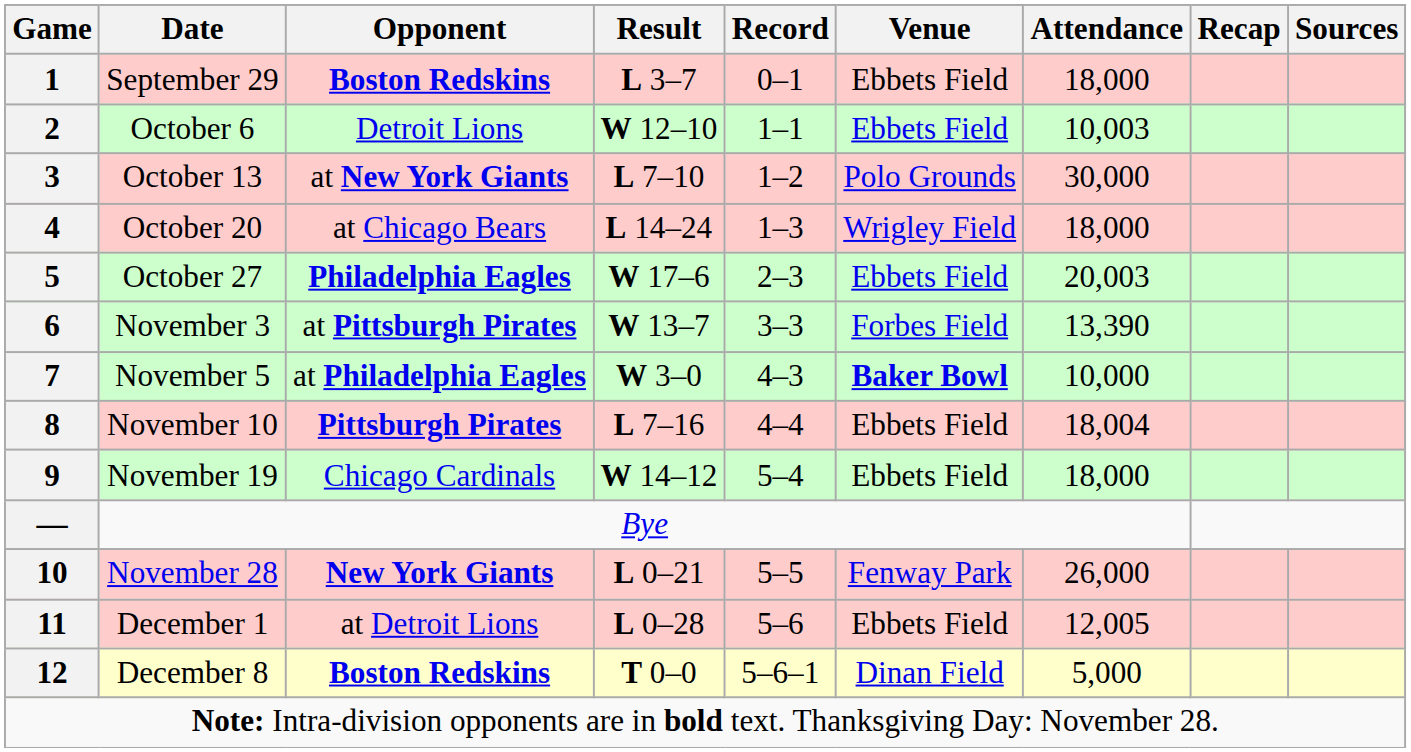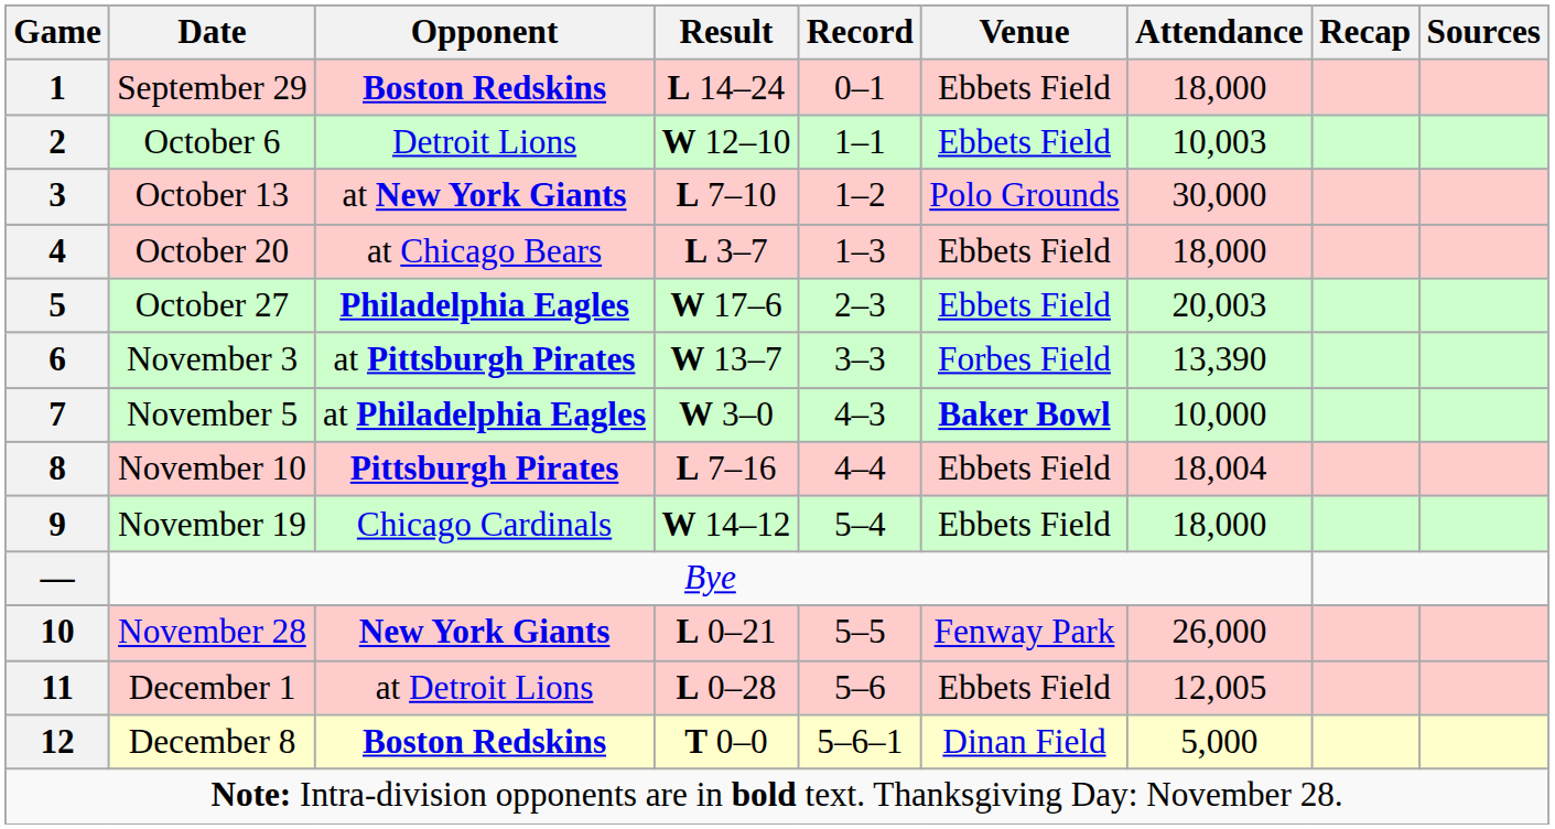 <table class="wikitable" style="text-align:center">
 <tr>
 <th>Game</th>
 <th>Date</th>
 <th>Opponent</th>
 <th>Result</th>
 <th>Record</th>
 <th>Venue</th>
 <th>Attendance</th>
 <th>Recap</th>
 <th>Sources</th>
 </tr>
 <tr style="background:#fcc">
 <th>1</th>
 <td>September 29</td>
 <td><strong><a href='#'>Boston Redskins</a></strong></td>
-<td><strong>L</strong> 3–7</td>
+<td><strong>L</strong> 14–24</td>
 <td>0–1</td>
 <td>Ebbets Field</td>
 <td>18,000</td>
 <td></td>
 <td></td>
 </tr>
 <tr style="background:#cfc">
 <th>2</th>
 <td>October 6</td>
 <td><a href='#'>Detroit Lions</a></td>
 <td><strong>W</strong> 12–10</td>
 <td>1–1</td>
 <td><a href='#'>Ebbets Field</a></td>
 <td>10,003</td>
 <td></td>
 <td></td>
 </tr>
 <tr style="background:#fcc">
 <th>3</th>
 <td>October 13</td>
 <td>at <strong><a href='#'>New York Giants</a></strong></td>
 <td><strong>L</strong> 7–10</td>
 <td>1–2</td>
 <td><a href='#'>Polo Grounds</a></td>
 <td>30,000</td>
 <td></td>
 <td></td>
 </tr>
 <tr style="background:#fcc">
 <th>4</th>
 <td>October 20</td>
 <td>at <a href='#'>Chicago Bears</a></td>
-<td><strong>L</strong> 14–24</td>
+<td><strong>L</strong> 3–7</td>
 <td>1–3</td>
-<td><a href='#'>Wrigley Field</a></td>
+<td>Ebbets Field</td>
 <td>18,000</td>
 <td></td>
 <td></td>
 </tr>
 <tr style="background:#cfc">
 <th>5</th>
 <td>October 27</td>
 <td><strong><a href='#'>Philadelphia Eagles</a></strong></td>
 <td><strong>W</strong> 17–6</td>
 <td>2–3</td>
 <td><a href='#'>Ebbets Field</a></td>
 <td>20,003</td>
 <td></td>
 <td></td>
 </tr>
 <tr style="background:#cfc">
 <th>6</th>
 <td>November 3</td>
 <td>at <strong><a href='#'>Pittsburgh Pirates</a></strong></td>
 <td><strong>W</strong> 13–7</td>
 <td>3–3</td>
 <td><a href='#'>Forbes Field</a></td>
 <td>13,390</td>
 <td></td>
 <td></td>
 </tr>
 <tr style="background:#cfc">
 <th>7</th>
 <td>November 5</td>
 <td>at <strong><a href='#'>Philadelphia Eagles</a></strong></td>
 <td><strong>W</strong> 3–0</td>
 <td>4–3</td>
 <td><strong><a href='#'>Baker Bowl</a></strong></td>
 <td>10,000</td>
 <td></td>
 <td></td>
 </tr>
 <tr style="background:#fcc">
 <th>8</th>
 <td>November 10</td>
 <td><strong><a href='#'>Pittsburgh Pirates</a></strong></td>
 <td><strong>L</strong> 7–16</td>
 <td>4–4</td>
 <td>Ebbets Field</td>
 <td>18,004</td>
 <td></td>
 <td></td>
 </tr>
 <tr style="background:#cfc">
 <th>9</th>
 <td>November 19</td>
 <td><a href='#'>Chicago Cardinals</a></td>
 <td><strong>W</strong> 14–12</td>
 <td>5–4</td>
 <td>Ebbets Field</td>
 <td>18,000</td>
 <td></td>
 <td></td>
 </tr>
 <tr>
 <th>—</th>
 <td colspan="6"><em><a href='#'>Bye</a></em></td>
 </tr>
 <tr style="background:#fcc">
 <th>10</th>
 <td><a href='#'>November 28</a></td>
 <td><strong><a href='#'>New York Giants</a></strong></td>
 <td><strong>L</strong> 0–21</td>
 <td>5–5</td>
 <td><a href='#'>Fenway Park</a></td>
 <td>26,000</td>
 <td></td>
 <td></td>
 </tr>
 <tr style="background:#fcc">
 <th>11</th>
 <td>December 1</td>
 <td>at <a href='#'>Detroit Lions</a></td>
 <td><strong>L</strong> 0–28</td>
 <td>5–6</td>
 <td>Ebbets Field</td>
 <td>12,005</td>
 <td></td>
 <td></td>
 </tr>
 <tr style="background:#ffc">
 <th>12</th>
 <td>December 8</td>
 <td><strong><a href='#'>Boston Redskins</a></strong></td>
 <td><strong>T</strong> 0–0</td>
 <td>5–6–1</td>
 <td><a href='#'>Dinan Field</a></td>
 <td>5,000</td>
 <td></td>
 <td></td>
 </tr>
 <tr>
 <td colspan="10"><strong>Note:</strong> Intra-division opponents are in <strong>bold</strong> text. Thanksgiving Day: November 28.</td>
 </tr>
 </table>
